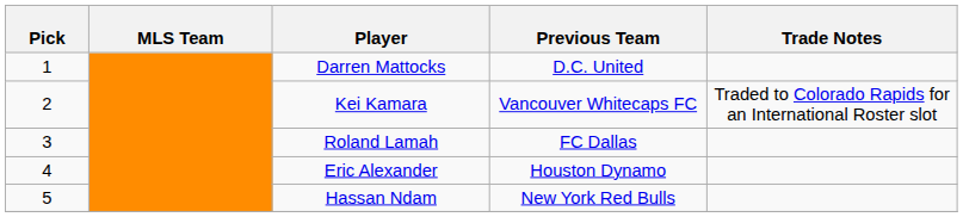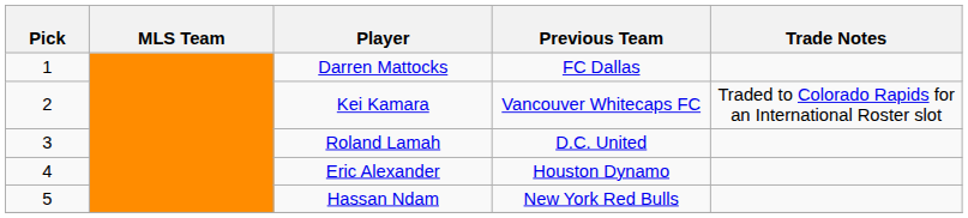 <table class="wikitable" style="text-align: center;">
 <tr>
 <th style="width:5%"><br>Pick</th>
 <th style="width:11%"><br>MLS Team</th>
 <th style="width:13%"><br>Player</th>
 <th style="width:13%"><br>Previous Team</th>
 <th style="width:15%"><br>Trade Notes</th>
 </tr>
 <tr>
 <td>1</td>
 <td style="background: #FF8C00" rowspan="5"></td>
 <td><a href='#'>Darren Mattocks</a></td>
-<td><a href='#'>D.C. United</a></td>
+<td><a href='#'>FC Dallas</a></td>
 <td></td>
 </tr>
 <tr>
 <td>2</td>
 <td><a href='#'>Kei Kamara</a></td>
 <td><a href='#'>Vancouver Whitecaps FC</a></td>
 <td>Traded to <a href='#'>Colorado Rapids</a> for an International Roster slot</td>
 </tr>
 <tr>
 <td>3</td>
 <td><a href='#'>Roland Lamah</a></td>
-<td><a href='#'>FC Dallas</a></td>
+<td><a href='#'>D.C. United</a></td>
 <td></td>
 </tr>
 <tr>
 <td>4</td>
 <td><a href='#'>Eric Alexander</a></td>
 <td><a href='#'>Houston Dynamo</a></td>
 <td></td>
 </tr>
 <tr>
 <td>5</td>
 <td><a href='#'>Hassan Ndam</a></td>
 <td><a href='#'>New York Red Bulls</a></td>
 <td></td>
 </tr>
 <tr>
 </tr>
 </table>
